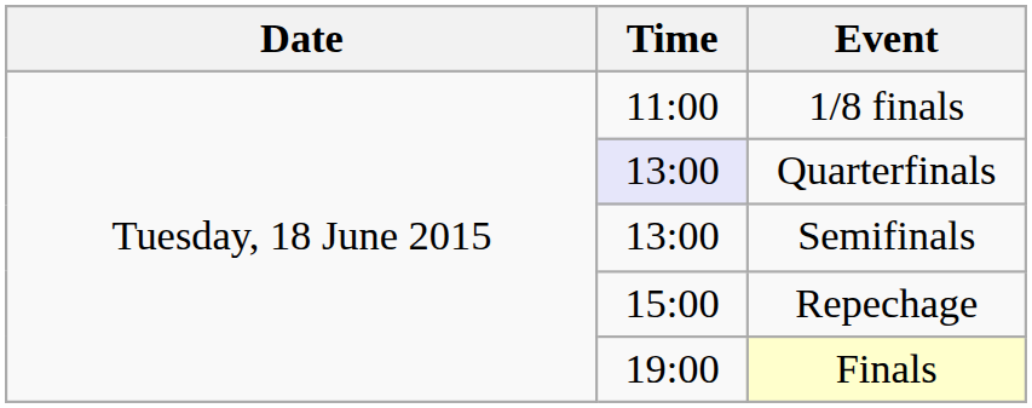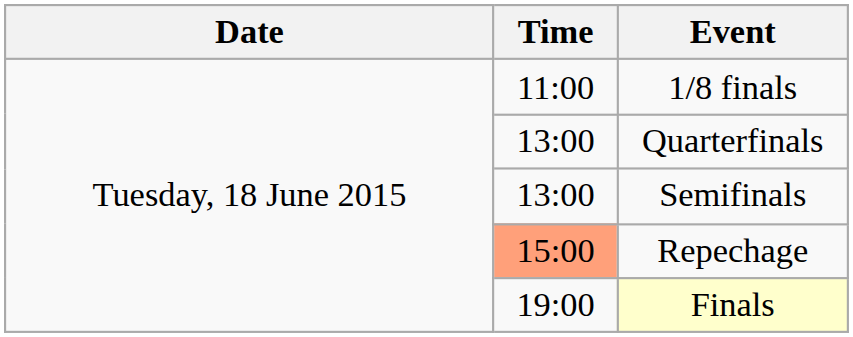 <table class = "wikitable" style="text-align:center;">
 <tr>
 <th width=220>Date</th>
 <th width=50>Time</th>
 <th width=100>Event</th>
 </tr>
 <tr>
 <td rowspan=5>Tuesday, 18 June 2015</td>
 <td>11:00</td>
 <td>1/8 finals</td>
 </tr>
 <tr>
-<td style="background: lavender;">13:00</td>
+<td>13:00</td>
 <td>Quarterfinals</td>
 </tr>
 <tr>
 <td>13:00</td>
 <td>Semifinals</td>
 </tr>
 <tr>
-<td>15:00</td>
+<td style="background: lightsalmon;">15:00</td>
 <td>Repechage</td>
 </tr>
 <tr>
 <td>19:00</td>
 <td bgcolor=ffffcc>Finals</td>
 </tr>
 </table>
